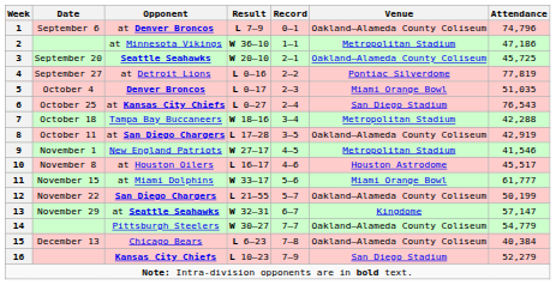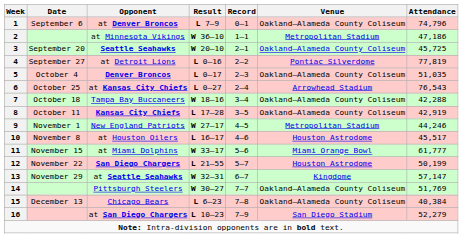 <table class="wikitable" style="text-align:center">
 <tr>
 <th>Week</th>
 <th>Date</th>
 <th>Opponent</th>
 <th>Result</th>
 <th>Record</th>
 <th>Venue</th>
 <th>Attendance</th>
 </tr>
 <tr style="background:#fcc">
 <th>1</th>
 <td>September 6</td>
 <td>at <strong><a href='#'>Denver Broncos</a></strong></td>
 <td><strong>L</strong> 7–9</td>
 <td>0–1</td>
 <td>Oakland–Alameda County Coliseum</td>
 <td>74,796</td>
 </tr>
 <tr style="background:#cfc">
 <th>2</th>
 <td></td>
 <td>at <a href='#'>Minnesota Vikings</a></td>
 <td><strong>W</strong> 36–10</td>
 <td>1–1</td>
 <td><a href='#'>Metropolitan Stadium</a></td>
 <td>47,186</td>
 </tr>
 <tr style="background:#cfc">
 <th>3</th>
 <td>September 20</td>
 <td><strong><a href='#'>Seattle Seahawks</a></strong></td>
 <td><strong>W</strong> 20–10</td>
 <td>2–1</td>
 <td><a href='#'>Oakland–Alameda County Coliseum</a></td>
 <td>45,725</td>
 </tr>
 <tr style="background:#fcc">
 <th>4</th>
 <td>September 27</td>
 <td>at <a href='#'>Detroit Lions</a></td>
 <td><strong>L</strong> 0–16</td>
 <td>2–2</td>
 <td><a href='#'>Pontiac Silverdome</a></td>
 <td>77,819</td>
 </tr>
 <tr style="background:#fcc">
 <th>5</th>
 <td>October 4</td>
 <td><strong><a href='#'>Denver Broncos</a></strong></td>
 <td><strong>L</strong> 0–17</td>
 <td>2–3</td>
-<td><a href='#'>Miami Orange Bowl</a></td>
+<td>Oakland–Alameda County Coliseum</td>
 <td>51,035</td>
 </tr>
 <tr style="background:#fcc">
 <th>6</th>
 <td>October 25</td>
 <td>at <strong><a href='#'>Kansas City Chiefs</a></strong></td>
 <td><strong>L</strong> 0–27</td>
 <td>2–4</td>
-<td><a href='#'>San Diego Stadium</a></td>
+<td><a href='#'>Arrowhead Stadium</a></td>
 <td>76,543</td>
 </tr>
 <tr style="background:#cfc">
 <th>7</th>
 <td>October 18</td>
 <td><a href='#'>Tampa Bay Buccaneers</a></td>
 <td><strong>W</strong> 18–16</td>
 <td>3–4</td>
-<td><a href='#'>Metropolitan Stadium</a></td>
+<td>Oakland–Alameda County Coliseum</td>
 <td>42,288</td>
 </tr>
 <tr style="background:#fcc">
 <th>8</th>
 <td>October 11</td>
-<td>at <strong><a href='#'>San Diego Chargers</a></strong></td>
+<td><strong><a href='#'>Kansas City Chiefs</a></strong></td>
 <td><strong>L</strong> 17–28</td>
 <td>3–5</td>
 <td>Oakland–Alameda County Coliseum</td>
 <td>42,919</td>
 </tr>
 <tr style="background:#cfc">
 <th>9</th>
 <td>November 1</td>
 <td><a href='#'>New England Patriots</a></td>
 <td><strong>W</strong> 27–17</td>
 <td>4–5</td>
 <td><a href='#'>Metropolitan Stadium</a></td>
-<td>41,546</td>
+<td>44,246</td>
 </tr>
 <tr style="background:#fcc">
 <th>10</th>
 <td>November 8</td>
 <td>at <a href='#'>Houston Oilers</a></td>
 <td><strong>L</strong> 16–17</td>
 <td>4–6</td>
 <td><a href='#'>Houston Astrodome</a></td>
 <td>45,517</td>
 </tr>
 <tr style="background:#cfc">
 <th>11</th>
 <td>November 15</td>
 <td>at <a href='#'>Miami Dolphins</a></td>
 <td><strong>W</strong> 33–17</td>
 <td>5–6</td>
 <td><a href='#'>Miami Orange Bowl</a></td>
 <td>61,777</td>
 </tr>
 <tr style="background:#fcc">
 <th>12</th>
 <td>November 22</td>
 <td><strong><a href='#'>San Diego Chargers</a></strong></td>
 <td><strong>L</strong> 21–55</td>
 <td>5–7</td>
-<td>Oakland–Alameda County Coliseum</td>
+<td><a href='#'>Houston Astrodome</a></td>
 <td>50,199</td>
 </tr>
 <tr style="background:#cfc">
 <th>13</th>
 <td>November 29</td>
 <td>at <strong><a href='#'>Seattle Seahawks</a></strong></td>
 <td><strong>W</strong> 32–31</td>
 <td>6–7</td>
 <td><a href='#'>Kingdome</a></td>
 <td>57,147</td>
 </tr>
 <tr style="background:#cfc">
 <th>14</th>
 <td></td>
 <td><a href='#'>Pittsburgh Steelers</a></td>
 <td><strong>W</strong> 30–27</td>
 <td>7–7</td>
 <td>Oakland–Alameda County Coliseum</td>
-<td>54,779</td>
+<td>51,769</td>
 </tr>
 <tr style="background:#fcc">
 <th>15</th>
 <td>December 13</td>
 <td><a href='#'>Chicago Bears</a></td>
 <td><strong>L</strong> 6–23</td>
 <td>7–8</td>
 <td>Oakland–Alameda County Coliseum</td>
 <td>40,384</td>
 </tr>
 <tr style="background:#fcc">
 <th>16</th>
 <td></td>
-<td><strong><a href='#'>Kansas City Chiefs</a></strong></td>
+<td>at <strong><a href='#'>San Diego Chargers</a></strong></td>
 <td><strong>L</strong> 10–23</td>
 <td>7–9</td>
 <td><a href='#'>San Diego Stadium</a></td>
 <td>52,279</td>
 </tr>
 <tr>
 <td colspan="7"><strong>Note:</strong> Intra-division opponents are in <strong>bold</strong> text.</td>
 </tr>
 </table>
